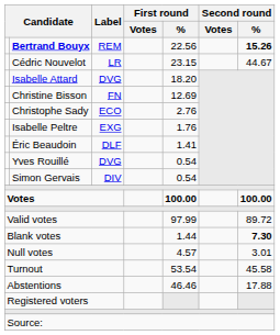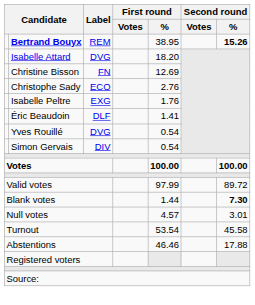 <table class="wikitable" style="text-align:right;font-size:95%;">
 <tr>
 <th colspan="2" rowspan="2">Candidate</th>
 <th rowspan="2">Label</th>
 <th colspan="2">First round</th>
 <th colspan="2">Second round</th>
 </tr>
 <tr>
 <th style="width:50px;">Votes</th>
 <th style="width:45px;">%</th>
 <th style="width:50px;">Votes</th>
 <th style="width:45px;">%</th>
 </tr>
 <tr>
 <td style="color:inherit;background:"></td>
 <td style="text-align:left;"><strong><a href='#'>Bertrand Bouyx</a></strong></td>
 <td><a href='#'>REM</a></td>
 <td></td>
-<td>22.56</td>
+<td>38.95</td>
 <td><strong></strong></td>
 <td><strong>15.26</strong></td>
-</tr>
-<tr>
-<td style="color:inherit;background:"></td>
-<td style="text-align:left;">Cédric Nouvelot</td>
-<td><a href='#'>LR</a></td>
-<td></td>
-<td>23.15</td>
-<td></td>
-<td>44.67</td>
 </tr>
 <tr>
 <td style="color:inherit;background:"></td>
 <td style="text-align:left;"><a href='#'>Isabelle Attard</a></td>
 <td><a href='#'>DVG</a></td>
 <td></td>
 <td>18.20</td>
 <td colspan="2" rowspan="7" style="background:#E9E9E9;"></td>
 </tr>
 <tr>
 <td style="color:inherit;background:"></td>
 <td style="text-align:left;">Christine Bisson</td>
 <td><a href='#'>FN</a></td>
 <td></td>
 <td>12.69</td>
 </tr>
 <tr>
 <td style="color:inherit;background:"></td>
 <td style="text-align:left;">Christophe Sady</td>
 <td><a href='#'>ECO</a></td>
 <td></td>
 <td>2.76</td>
 </tr>
 <tr>
 <td style="color:inherit;background:"></td>
 <td style="text-align:left;">Isabelle Peltre</td>
 <td><a href='#'>EXG</a></td>
 <td></td>
 <td>1.76</td>
 </tr>
 <tr>
 <td style="color:inherit;background:"></td>
 <td style="text-align:left;">Éric Beaudoin</td>
 <td><a href='#'>DLF</a></td>
 <td></td>
 <td>1.41</td>
 </tr>
 <tr>
 <td style="color:inherit;background:"></td>
 <td style="text-align:left;">Yves Rouillé</td>
 <td><a href='#'>DVG</a></td>
 <td></td>
 <td>0.54</td>
 </tr>
 <tr>
 <td style="color:inherit;background:"></td>
 <td style="text-align:left;">Simon Gervais</td>
 <td><a href='#'>DIV</a></td>
 <td></td>
 <td>0.54</td>
 </tr>
 <tr>
 <td colspan="7" style="background:#E9E9E9;"></td>
 </tr>
 <tr style="font-weight:bold;">
 <td colspan="3" style="text-align:left;">Votes</td>
 <td></td>
 <td>100.00</td>
 <td></td>
 <td>100.00</td>
 </tr>
 <tr>
 <td colspan="7" style="background:#E9E9E9;"></td>
 </tr>
 <tr>
 <td colspan="3" style="text-align:left;">Valid votes</td>
 <td></td>
 <td>97.99</td>
 <td></td>
 <td>89.72</td>
 </tr>
 <tr>
 <td colspan="3" style="text-align:left;">Blank votes</td>
 <td></td>
 <td>1.44</td>
 <td></td>
 <td><strong>7.30</strong></td>
 </tr>
 <tr>
 <td colspan="3" style="text-align:left;">Null votes</td>
 <td></td>
 <td>4.57</td>
 <td></td>
 <td>3.01</td>
 </tr>
 <tr>
 <td colspan="3" style="text-align:left;">Turnout</td>
 <td></td>
 <td>53.54</td>
 <td></td>
 <td>45.58</td>
 </tr>
 <tr>
 <td colspan="3" style="text-align:left;">Abstentions</td>
 <td></td>
 <td>46.46</td>
 <td></td>
 <td>17.88</td>
 </tr>
 <tr>
 <td colspan="3" style="text-align:left;">Registered voters</td>
 <td></td>
 <td style="color:inherit;background:#E9E9E9;"></td>
 <td></td>
 <td style="color:inherit;background:#E9E9E9;"></td>
 </tr>
 <tr>
 <td colspan="7" style="background:#E9E9E9;"></td>
 </tr>
 <tr>
 <td colspan="7" style="text-align:left;">Source: </td>
 </tr>
 </table>
